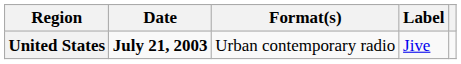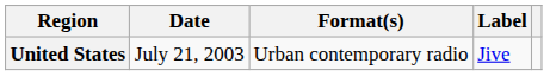 <table class="wikitable plainrowheaders">
 <tr>
 <th scope="col">Region</th>
 <th scope="col">Date</th>
 <th scope="col">Format(s)</th>
 <th scope="col">Label</th>
 <th scope="col"></th>
 </tr>
 <tr>
 <th scope="row">United States</th>
-<td><strong>July 21, 2003</strong></td>
+<td>July 21, 2003</td>
 <td>Urban contemporary radio</td>
 <td rowspan=2><a href='#'>Jive</a></td>
 <td></td>
 </tr>
 </table>
